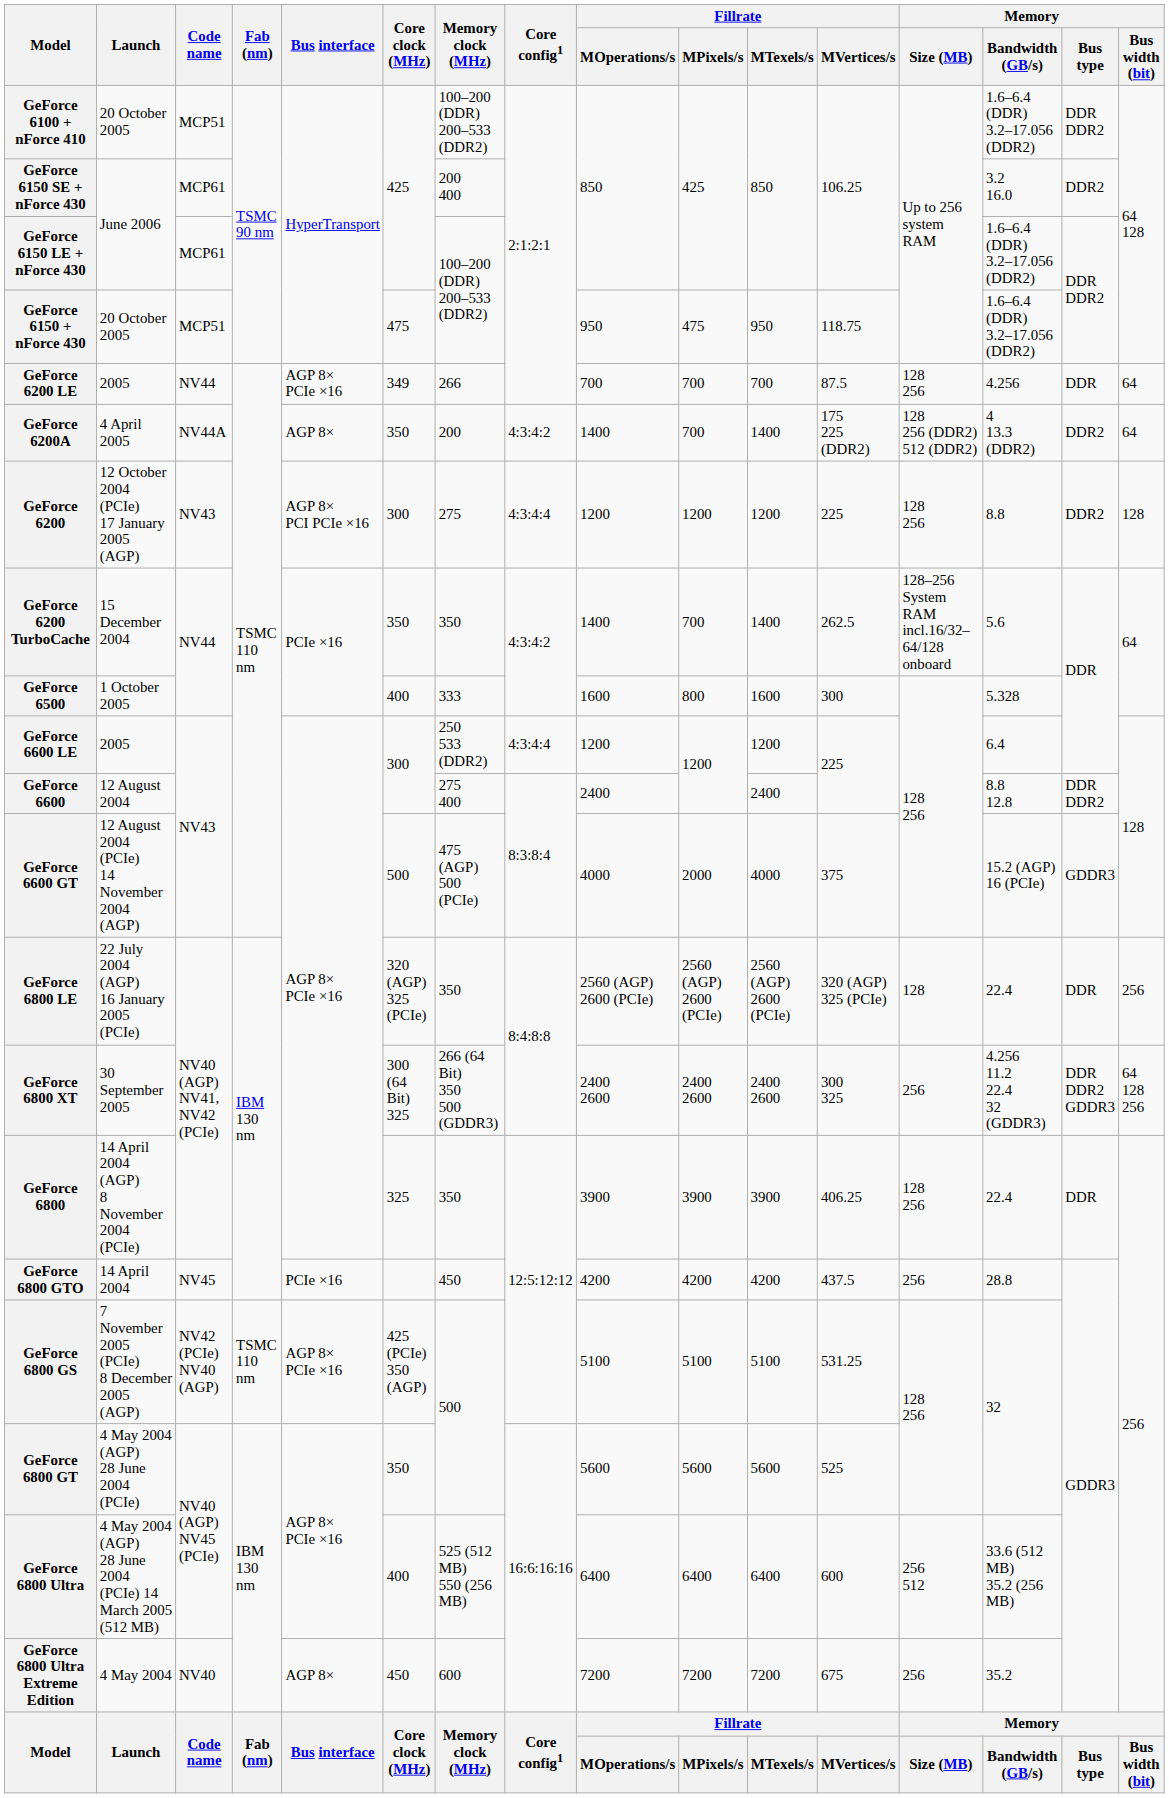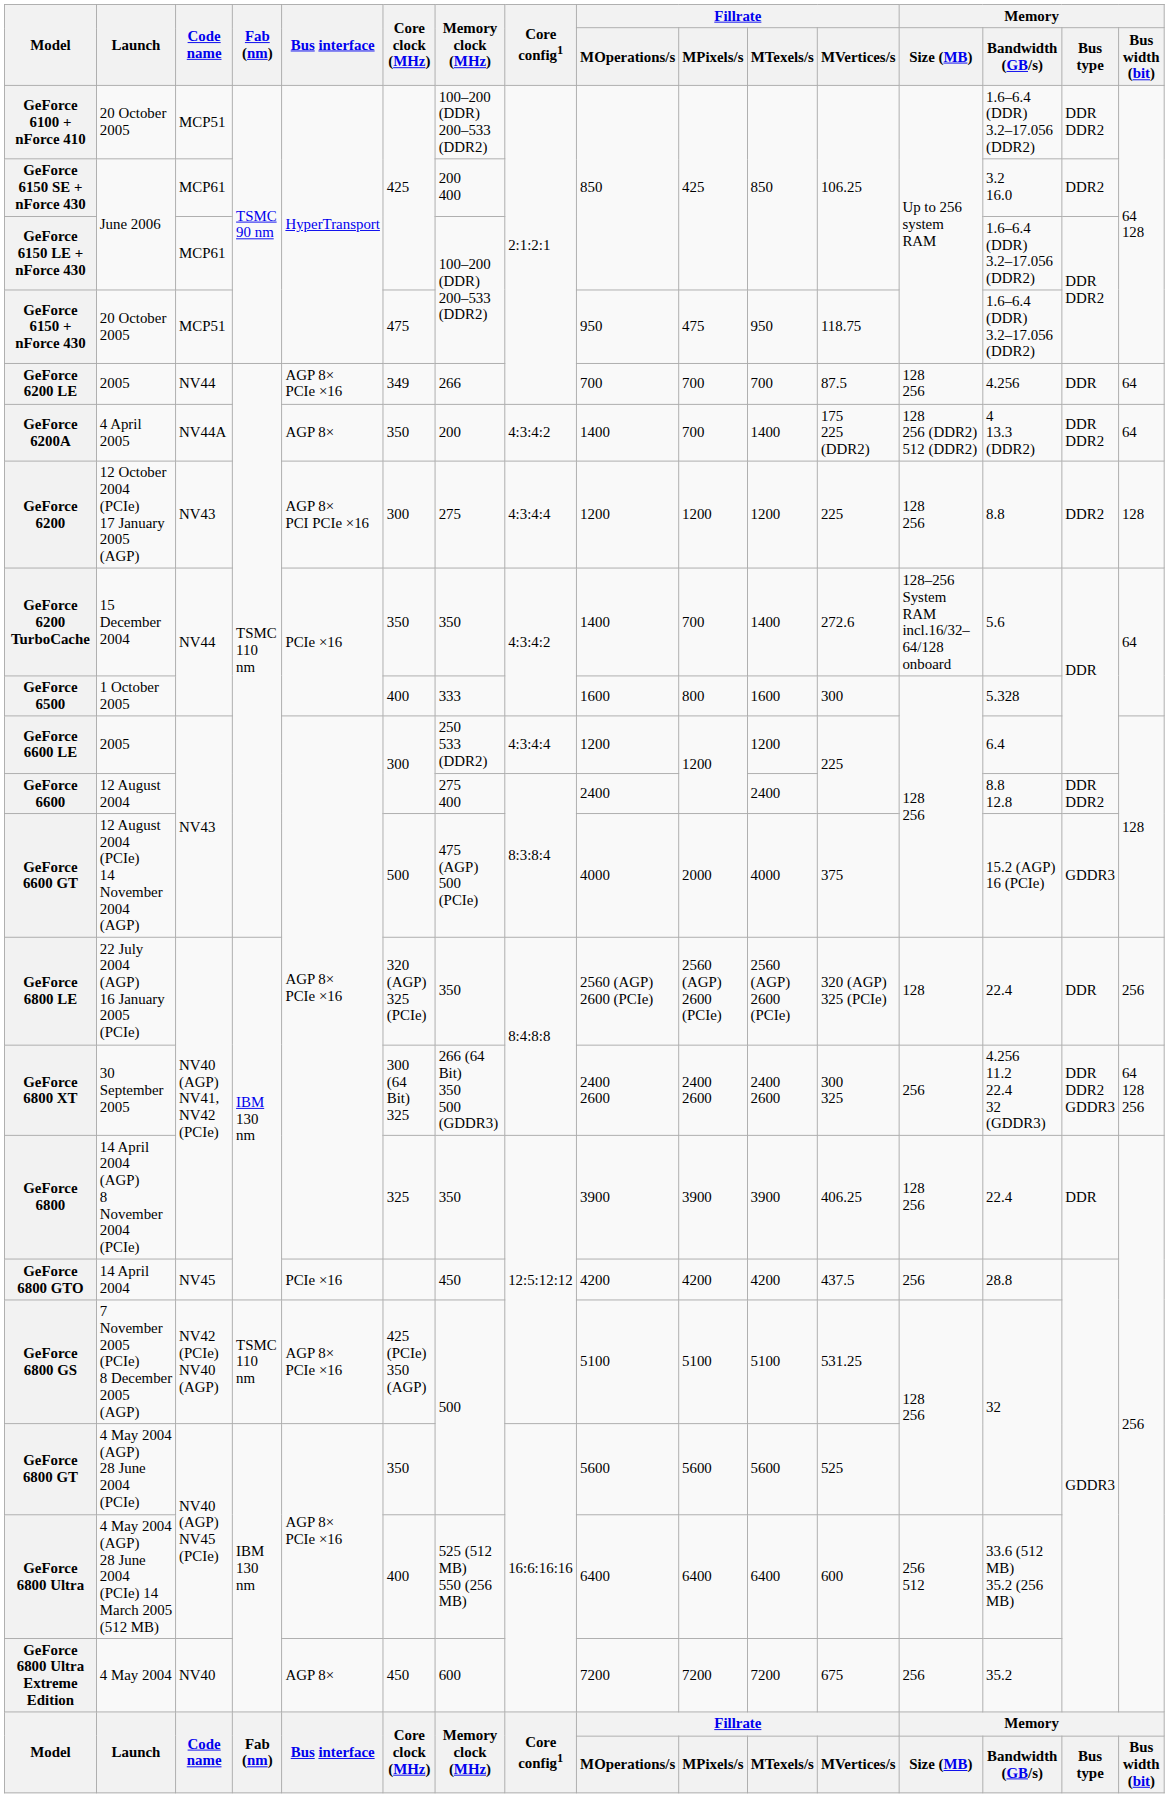 <table class="wikitable">
 <tr>
 <th rowspan="2">Model</th>
 <th rowspan="2">Launch</th>
 <th rowspan="2"><a href='#'>Code name</a></th>
 <th rowspan="2"><a href='#'>Fab</a> (<a href='#'>nm</a>)</th>
 <th rowspan="2"><a href='#'>Bus</a> <a href='#'>interface</a></th>
 <th rowspan="2">Core clock (<a href='#'>MHz</a>)</th>
 <th rowspan="2">Memory clock (<a href='#'>MHz</a>)</th>
 <th rowspan="2">Core config<sup>1</sup></th>
 <th colspan="4"><a href='#'>Fillrate</a></th>
 <th colspan="4">Memory</th>
 </tr>
 <tr>
 <th>MOperations/s</th>
 <th>MPixels/s</th>
 <th>MTexels/s</th>
 <th>MVertices/s</th>
 <th>Size (<a href='#'>MB</a>)</th>
 <th>Bandwidth (<a href='#'>GB</a>/s)</th>
 <th>Bus type</th>
 <th>Bus width (<a href='#'>bit</a>)</th>
 </tr>
 <tr>
 <th>GeForce 6100 + nForce 410</th>
 <td>20 October 2005</td>
 <td>MCP51</td>
 <td rowspan="4"><a href='#'>TSMC</a> <a href='#'>90 nm</a></td>
 <td rowspan="4"><a href='#'>HyperTransport</a></td>
 <td rowspan="3">425</td>
 <td>100–200 (DDR)<br>200–533 (DDR2)</td>
 <td rowspan="5">2:1:2:1</td>
 <td rowspan="3">850</td>
 <td rowspan="3">425</td>
 <td rowspan="3">850</td>
 <td rowspan="3">106.25</td>
 <td rowspan="4">Up to 256 system RAM</td>
 <td>1.6–6.4 (DDR)<br>3.2–17.056 (DDR2)</td>
 <td>DDR<br>DDR2</td>
 <td rowspan="4">64<br>128</td>
 </tr>
 <tr>
 <th>GeForce 6150 SE + nForce 430</th>
 <td rowspan="2">June 2006</td>
 <td>MCP61</td>
 <td>200<br>400</td>
 <td>3.2<br>16.0</td>
 <td>DDR2</td>
 </tr>
 <tr>
 <th>GeForce 6150 LE + nForce 430</th>
 <td>MCP61</td>
 <td rowspan="2">100–200 (DDR)<br>200–533 (DDR2)</td>
 <td>1.6–6.4 (DDR)<br>3.2–17.056 (DDR2)</td>
 <td rowspan="2">DDR<br>DDR2</td>
 </tr>
 <tr>
 <th>GeForce 6150 + nForce 430</th>
 <td>20 October 2005</td>
 <td>MCP51</td>
 <td>475</td>
 <td>950</td>
 <td>475</td>
 <td>950</td>
 <td>118.75</td>
 <td>1.6–6.4 (DDR)<br>3.2–17.056 (DDR2)</td>
 </tr>
 <tr>
 <th>GeForce 6200 LE</th>
 <td>2005</td>
 <td>NV44</td>
 <td rowspan="8">TSMC 110 nm</td>
 <td>AGP 8×<br>PCIe ×16</td>
 <td>349</td>
 <td>266</td>
 <td>700</td>
 <td>700</td>
 <td>700</td>
 <td>87.5</td>
 <td>128<br>256</td>
 <td>4.256</td>
 <td>DDR</td>
 <td>64</td>
 </tr>
 <tr>
 <th>GeForce 6200A</th>
 <td>4 April 2005</td>
 <td>NV44A</td>
 <td>AGP 8×</td>
 <td>350</td>
 <td>200</td>
 <td>4:3:4:2</td>
 <td>1400</td>
 <td>700</td>
 <td>1400</td>
 <td>175<br>225 (DDR2)</td>
 <td>128<br>256 (DDR2) 512 (DDR2)</td>
 <td>4<br>13.3 (DDR2)</td>
-<td>DDR2</td>
+<td>DDR<br>DDR2</td>
 <td>64</td>
 </tr>
 <tr>
 <th>GeForce 6200</th>
 <td>12 October 2004 (PCIe)<br>17 January 2005 (AGP)</td>
 <td>NV43</td>
 <td>AGP 8×<br>PCI PCIe ×16</td>
 <td>300</td>
 <td>275</td>
 <td>4:3:4:4</td>
 <td>1200</td>
 <td>1200</td>
 <td>1200</td>
 <td>225</td>
 <td>128<br>256</td>
 <td>8.8</td>
 <td>DDR2</td>
 <td>128</td>
 </tr>
 <tr>
 <th>GeForce 6200 TurboCache</th>
 <td>15 December 2004</td>
 <td rowspan="2">NV44</td>
 <td rowspan="2">PCIe ×16</td>
 <td>350</td>
 <td>350</td>
 <td rowspan="2">4:3:4:2</td>
 <td>1400</td>
 <td>700</td>
 <td>1400</td>
-<td>262.5</td>
+<td>272.6</td>
 <td>128–256 System RAM incl.16/32–64/128 onboard</td>
 <td>5.6</td>
 <td rowspan="3">DDR</td>
 <td rowspan="2">64</td>
 </tr>
 <tr>
 <th>GeForce 6500</th>
 <td>1 October 2005</td>
 <td>400</td>
 <td>333</td>
 <td>1600</td>
 <td>800</td>
 <td>1600</td>
 <td>300</td>
 <td rowspan="4">128<br>256</td>
 <td>5.328</td>
 </tr>
 <tr>
 <th>GeForce 6600 LE</th>
 <td>2005</td>
 <td rowspan="3">NV43</td>
 <td rowspan="6">AGP 8×<br>PCIe ×16</td>
 <td rowspan="2">300</td>
 <td>250<br>533 (DDR2)</td>
 <td>4:3:4:4</td>
 <td>1200</td>
 <td rowspan="2">1200</td>
 <td>1200</td>
 <td rowspan="2">225</td>
 <td>6.4</td>
 <td rowspan="3">128</td>
 </tr>
 <tr>
 <th>GeForce 6600</th>
 <td>12 August 2004</td>
 <td>275<br>400</td>
 <td rowspan="2">8:3:8:4</td>
 <td>2400</td>
 <td>2400</td>
 <td>8.8<br>12.8</td>
 <td>DDR<br>DDR2</td>
 </tr>
 <tr>
 <th>GeForce 6600 GT</th>
 <td>12 August 2004 (PCIe)<br>14 November 2004 (AGP)</td>
 <td>500</td>
 <td>475 (AGP)<br>500 (PCIe)</td>
 <td>4000</td>
 <td>2000</td>
 <td>4000</td>
 <td>375</td>
 <td>15.2 (AGP)<br>16 (PCIe)</td>
 <td>GDDR3</td>
 </tr>
 <tr>
 <th>GeForce 6800 LE</th>
 <td>22 July 2004 (AGP)<br>16 January 2005 (PCIe)</td>
 <td rowspan="3">NV40 (AGP)<br>NV41, NV42 (PCIe)</td>
 <td rowspan="4"><a href='#'>IBM</a> 130 nm</td>
 <td>320 (AGP)<br>325 (PCIe)</td>
 <td>350</td>
 <td rowspan="2">8:4:8:8</td>
 <td>2560 (AGP)<br>2600 (PCIe)</td>
 <td>2560 (AGP)<br>2600 (PCIe)</td>
 <td>2560 (AGP)<br>2600 (PCIe)</td>
 <td>320 (AGP)<br>325 (PCIe)</td>
 <td>128</td>
 <td>22.4</td>
 <td>DDR</td>
 <td>256</td>
 </tr>
 <tr>
 <th>GeForce 6800 XT</th>
 <td>30 September 2005</td>
 <td>300 (64 Bit)<br>325</td>
 <td>266 (64 Bit)<br>350<br>500 (GDDR3)</td>
 <td>2400<br>2600</td>
 <td>2400<br>2600</td>
 <td>2400<br>2600</td>
 <td>300<br>325</td>
 <td>256</td>
 <td>4.256<br>11.2<br>22.4<br>32 (GDDR3)</td>
 <td>DDR<br>DDR2<br>GDDR3</td>
 <td>64<br>128<br>256</td>
 </tr>
 <tr>
 <th>GeForce 6800</th>
 <td>14 April 2004 (AGP)<br>8 November 2004 (PCIe)</td>
 <td>325</td>
 <td>350</td>
 <td rowspan="3">12:5:12:12</td>
 <td>3900</td>
 <td>3900</td>
 <td>3900</td>
 <td>406.25</td>
 <td>128<br>256</td>
 <td>22.4</td>
 <td>DDR</td>
 <td rowspan="6">256</td>
 </tr>
 <tr>
 <th>GeForce 6800 GTO</th>
 <td>14 April 2004</td>
 <td>NV45</td>
 <td>PCIe ×16</td>
 <td></td>
 <td>450</td>
 <td>4200</td>
 <td>4200</td>
 <td>4200</td>
 <td>437.5</td>
 <td>256</td>
 <td>28.8</td>
 <td rowspan="5">GDDR3</td>
 </tr>
 <tr>
 <th>GeForce 6800 GS</th>
 <td>7 November 2005 (PCIe)<br>8 December 2005 (AGP)</td>
 <td>NV42 (PCIe)<br>NV40 (AGP)</td>
 <td>TSMC 110 nm</td>
 <td>AGP 8×<br>PCIe ×16</td>
 <td>425 (PCIe)<br>350 (AGP)</td>
 <td rowspan="2">500</td>
 <td>5100</td>
 <td>5100</td>
 <td>5100</td>
 <td>531.25</td>
 <td rowspan="2">128<br>256</td>
 <td rowspan="2">32</td>
 </tr>
 <tr>
 <th>GeForce 6800 GT</th>
 <td>4 May 2004 (AGP)<br>28 June 2004 (PCIe)</td>
 <td rowspan="2">NV40 (AGP)<br>NV45 (PCIe)</td>
 <td rowspan="3">IBM 130 nm</td>
 <td rowspan="2">AGP 8×<br>PCIe ×16</td>
 <td>350</td>
 <td rowspan="3">16:6:16:16</td>
 <td>5600</td>
 <td>5600</td>
 <td>5600</td>
 <td>525</td>
 </tr>
 <tr>
 <th>GeForce 6800 Ultra</th>
 <td>4 May 2004 (AGP)<br>28 June 2004 (PCIe) 14 March 2005 (512 MB)</td>
 <td>400</td>
 <td>525 (512 MB)<br>550 (256 MB)</td>
 <td>6400</td>
 <td>6400</td>
 <td>6400</td>
 <td>600</td>
 <td>256<br>512</td>
 <td>33.6 (512 MB)<br>35.2 (256 MB)</td>
 </tr>
 <tr>
 <th>GeForce 6800 Ultra Extreme Edition</th>
 <td>4 May 2004</td>
 <td>NV40</td>
 <td>AGP 8×</td>
 <td>450</td>
 <td>600</td>
 <td>7200</td>
 <td>7200</td>
 <td>7200</td>
 <td>675</td>
 <td>256</td>
 <td>35.2</td>
 </tr>
 <tr>
 <th rowspan="2">Model</th>
 <th rowspan="2">Launch</th>
 <th rowspan="2"><a href='#'>Code name</a></th>
 <th rowspan="2">Fab (<a href='#'>nm</a>)</th>
 <th rowspan="2"><a href='#'>Bus</a> <a href='#'>interface</a></th>
 <th rowspan="2">Core clock (<a href='#'>MHz</a>)</th>
 <th rowspan="2">Memory clock (<a href='#'>MHz</a>)</th>
 <th rowspan="2">Core config<sup>1</sup></th>
 <th colspan="4"><a href='#'>Fillrate</a></th>
 <th colspan="4">Memory</th>
 </tr>
 <tr>
 <th>MOperations/s</th>
 <th>MPixels/s</th>
 <th>MTexels/s</th>
 <th>MVertices/s</th>
 <th>Size (<a href='#'>MB</a>)</th>
 <th>Bandwidth (<a href='#'>GB</a>/s)</th>
 <th>Bus type</th>
 <th>Bus width (<a href='#'>bit</a>)</th>
 </tr>
 </table>
